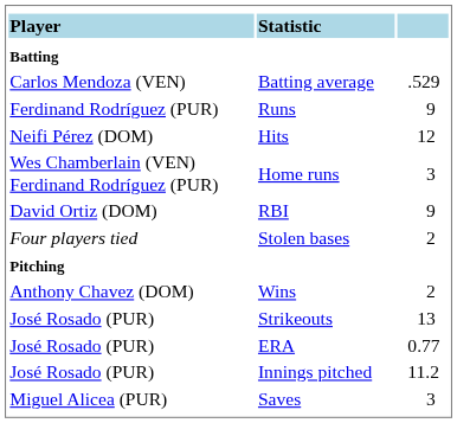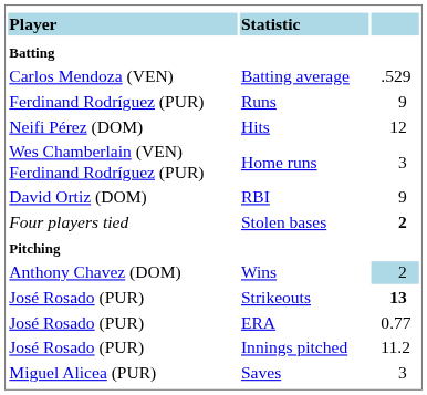 <table cellpadding="1" width="350px" style="font-size: 90%; border: 1px solid gray;">
 <tr align="center" style="font-size: larger;">
 <td colspan=6></td>
 </tr>
 <tr style="background:lightblue;">
 <td><strong>Player</strong></td>
 <td><strong>Statistic</strong></td>
 <td></td>
 </tr>
 <tr align="center" style="vertical-align: middle;" style="background:lightblue;">
 </tr>
 <tr>
 <td><small><strong>Batting</strong></small></td>
 </tr>
 <tr>
 <td><a href='#'>Carlos Mendoza</a> (VEN)</td>
 <td><a href='#'>Batting average</a></td>
 <td>  .529</td>
 </tr>
 <tr>
 <td><a href='#'>Ferdinand Rodríguez</a> (PUR)</td>
 <td><a href='#'>Runs</a></td>
 <td>      9</td>
 </tr>
 <tr>
 <td><a href='#'>Neifi Pérez</a> (DOM)</td>
 <td><a href='#'>Hits</a></td>
 <td>    12</td>
 </tr>
 <tr>
 <td><a href='#'>Wes Chamberlain</a> (VEN)<br><a href='#'>Ferdinand Rodríguez</a> (PUR)</td>
 <td><a href='#'>Home runs</a></td>
 <td>      3</td>
 </tr>
 <tr>
 <td><a href='#'>David Ortiz</a> (DOM)</td>
 <td><a href='#'>RBI</a></td>
 <td>      9</td>
 </tr>
 <tr>
 <td><em>Four players tied</em></td>
 <td><a href='#'>Stolen bases</a></td>
-<td>      2</td>
+<td><strong>      2</strong></td>
 </tr>
 <tr>
 <td><small><strong>Pitching</strong></small></td>
 </tr>
 <tr>
 <td><a href='#'>Anthony Chavez</a> (DOM)</td>
 <td><a href='#'>Wins</a></td>
-<td>      2</td>
+<td style="background: lightblue;">      2</td>
 </tr>
 <tr>
 <td><a href='#'>José Rosado</a> (PUR)</td>
 <td><a href='#'>Strikeouts</a></td>
-<td>    13</td>
+<td><strong>    13</strong></td>
 </tr>
 <tr>
 <td><a href='#'>José Rosado</a> (PUR)</td>
 <td><a href='#'>ERA</a></td>
 <td>  0.77</td>
 </tr>
 <tr>
 <td><a href='#'>José Rosado</a> (PUR)</td>
 <td><a href='#'>Innings pitched</a></td>
 <td>  11.2</td>
 </tr>
 <tr>
 <td><a href='#'>Miguel Alicea</a> (PUR)</td>
 <td><a href='#'>Saves</a></td>
 <td>      3</td>
 </tr>
 <tr>
 </tr>
 </table>
